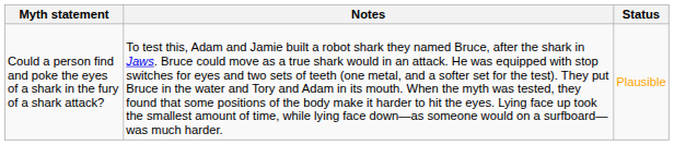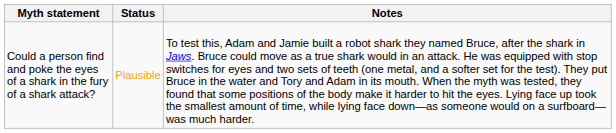 <table class="wikitable plainrowheaders">
 <tr>
 <th>Myth statement</th>
+<th>Status</th>
 <th>Notes</th>
-<th>Status</th>
 </tr>
 <tr>
 <td>Could a person find and poke the eyes of a shark in the fury of a shark attack?</td>
+<td style="color:orange">Plausible</td>
 <td><br>To test this, Adam and Jamie built a robot shark they named Bruce, after the shark in <em><a href='#'>Jaws</a></em>. Bruce could move as a true shark would in an attack. He was equipped with stop switches for eyes and two sets of teeth (one metal, and a softer set for the test). They put Bruce in the water and Tory and Adam in its mouth. When the myth was tested, they found that some positions of the body make it harder to hit the eyes. Lying face up took the smallest amount of time, while lying face down—as someone would on a surfboard—was much harder.</td>
-<td style="color:orange">Plausible</td>
 </tr>
 </table>
